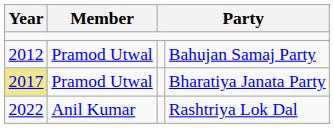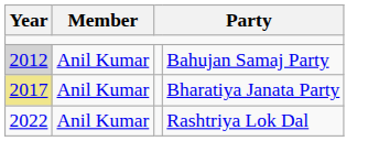 <table class="wikitable">
 <tr>
 <th>Year</th>
 <th>Member</th>
 <th colspan="2">Party</th>
 </tr>
 <tr>
 <td colspan="4"></td>
 </tr>
 <tr>
-<td><a href='#'>2012</a></td>
-<td><a href='#'>Pramod Utwal</a></td>
+<td style="background: lightgrey;"><a href='#'>2012</a></td>
+<td><a href='#'>Anil Kumar</a></td>
 <td style="background-color: "></td>
 <td><a href='#'>Bahujan Samaj Party</a></td>
 </tr>
 <tr>
 <td style="background: khaki;"><a href='#'>2017</a></td>
-<td><a href='#'>Pramod Utwal</a></td>
+<td><a href='#'>Anil Kumar</a></td>
 <td style="background-color: "></td>
 <td><a href='#'>Bharatiya Janata Party</a></td>
 </tr>
 <tr>
 <td><a href='#'>2022</a></td>
 <td><a href='#'>Anil Kumar</a></td>
 <td style="background-color: "></td>
 <td><a href='#'>Rashtriya Lok Dal</a></td>
 </tr>
 </table>
